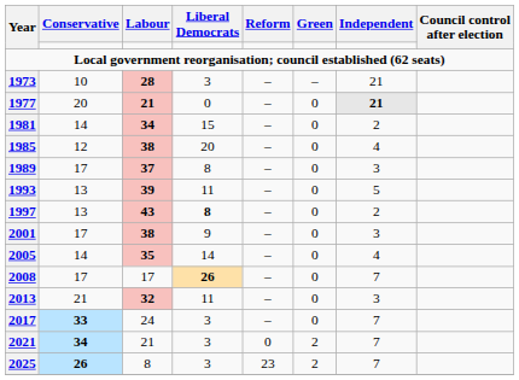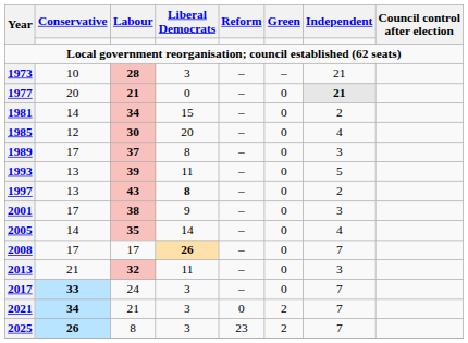 <table class="wikitable plainrowheaders" style="text-align:center">
 <tr>
 <th scope="col" rowspan="2">Year</th>
 <th scope="col"><a href='#'>Conservative</a></th>
 <th scope="col"><a href='#'>Labour</a></th>
 <th scope="col" style="width:1px"><a href='#'>Liberal Democrats</a></th>
 <th scope="col"><a href='#'>Reform</a></th>
 <th scope="col"><a href='#'>Green</a></th>
 <th scope="col"><a href='#'>Independent</a></th>
 <th scope="col" rowspan="2" colspan="2">Council control<br>after election</th>
 </tr>
 <tr>
 <td style="background:"></td>
 <td style="background:"></td>
 <td style="background:"></td>
 <td style="background:"></td>
 <td style="background:"></td>
 <td style="background:"></td>
 </tr>
 <tr>
 <td colspan="9"><strong>Local government reorganisation; council established (62 seats)</strong></td>
 </tr>
 <tr>
 <th scope="row"><a href='#'>1973</a></th>
 <td>10</td>
 <td style="background:#F8C1BE;"><strong>28</strong></td>
 <td>3</td>
 <td>–</td>
 <td>–</td>
 <td>21</td>
 <td></td>
 </tr>
 <tr>
 <th scope="row"><a href='#'>1977</a></th>
 <td>20</td>
 <td style="background:#F8C1BE;"><strong>21</strong></td>
 <td>0</td>
 <td>–</td>
 <td>0</td>
 <td style="background:#E7E7E7;"><strong>21</strong></td>
 <td></td>
 </tr>
 <tr>
 <th scope="row"><a href='#'>1981</a></th>
 <td>14</td>
 <td style="background:#F8C1BE;"><strong>34</strong></td>
 <td>15</td>
 <td>–</td>
 <td>0</td>
 <td>2</td>
 <td></td>
 </tr>
 <tr>
 <th scope="row"><a href='#'>1985</a></th>
 <td>12</td>
-<td style="background:#F8C1BE;"><strong>38</strong></td>
+<td style="background:#F8C1BE;"><strong>30</strong></td>
 <td>20</td>
 <td>–</td>
 <td>0</td>
 <td>4</td>
 <td></td>
 </tr>
 <tr>
 <th scope="row"><a href='#'>1989</a></th>
 <td>17</td>
 <td style="background:#F8C1BE;"><strong>37</strong></td>
 <td>8</td>
 <td>–</td>
 <td>0</td>
 <td>3</td>
 <td></td>
 </tr>
 <tr>
 <th scope="row"><a href='#'>1993</a></th>
 <td>13</td>
 <td style="background:#F8C1BE;"><strong>39</strong></td>
 <td>11</td>
 <td>–</td>
 <td>0</td>
 <td>5</td>
 <td></td>
 </tr>
 <tr>
 <th scope="row"><a href='#'>1997</a></th>
 <td>13</td>
 <td style="background:#F8C1BE;"><strong>43</strong></td>
 <td><strong>8</strong></td>
 <td>–</td>
 <td>0</td>
 <td>2</td>
 <td></td>
 </tr>
 <tr>
 <th scope="row"><a href='#'>2001</a></th>
 <td>17</td>
 <td style="background:#F8C1BE;"><strong>38</strong></td>
 <td>9</td>
 <td>–</td>
 <td>0</td>
 <td>3</td>
 <td></td>
 </tr>
 <tr>
 <th scope="row"><a href='#'>2005</a></th>
 <td>14</td>
 <td style="background:#F8C1BE;"><strong>35</strong></td>
 <td>14</td>
 <td>–</td>
 <td>0</td>
 <td>4</td>
 <td></td>
 </tr>
 <tr>
 <th scope="row"><a href='#'>2008</a></th>
 <td>17</td>
 <td>17</td>
 <td style="background:#FEE1A8"><strong>26</strong></td>
 <td>–</td>
 <td>0</td>
 <td>7</td>
 <td></td>
 </tr>
 <tr>
 <th scope="row"><a href='#'>2013</a></th>
 <td>21</td>
 <td style="background:#F8C1BE;"><strong>32</strong></td>
 <td>11</td>
 <td>–</td>
 <td>0</td>
 <td>3</td>
 <td></td>
 </tr>
 <tr>
 <th scope="row"><a href='#'>2017</a></th>
 <td style="background:#B9E4FF;"><strong>33</strong></td>
 <td>24</td>
 <td>3</td>
 <td>–</td>
 <td>0</td>
 <td>7</td>
 <td></td>
 </tr>
 <tr>
 <th scope="row"><a href='#'>2021</a></th>
 <td style="background:#B9E4FF;"><strong>34</strong></td>
 <td>21</td>
 <td>3</td>
 <td>0</td>
 <td>2</td>
 <td>7</td>
 <td></td>
 </tr>
 <tr>
 <th scope="row"><a href='#'>2025</a></th>
 <td style="background:#B9E4FF;"><strong>26</strong></td>
 <td>8</td>
 <td>3</td>
 <td>23</td>
 <td>2</td>
 <td>7</td>
 <td></td>
 </tr>
 <tr>
 </tr>
 </table>
